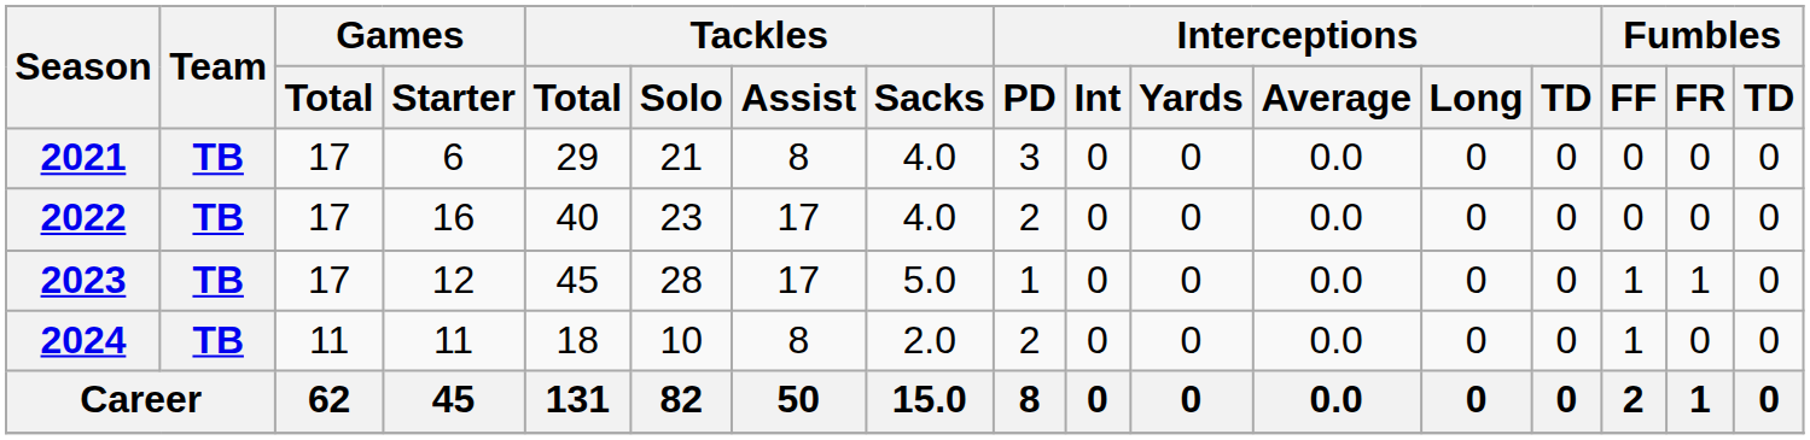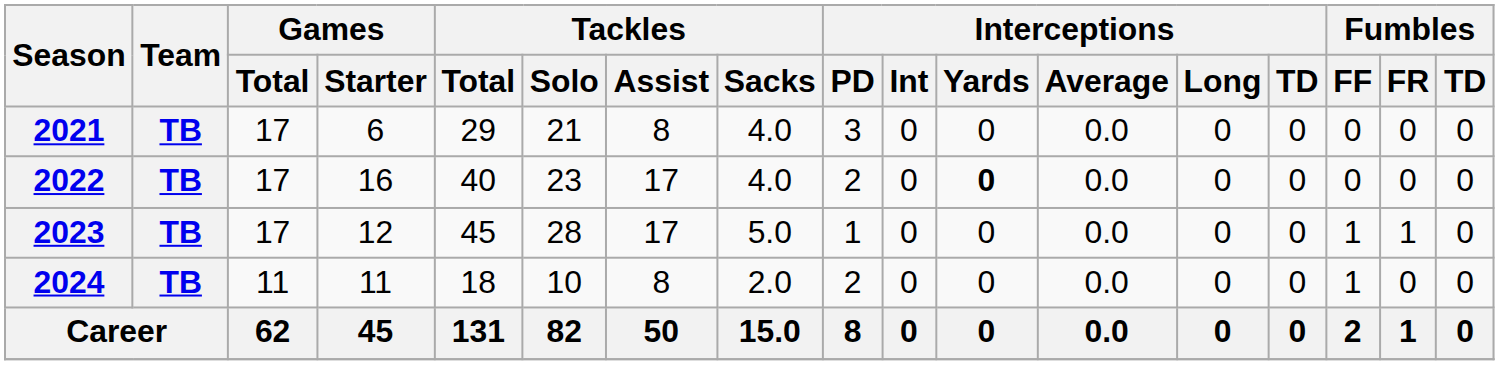 <table class="wikitable" style="text-align:center;">
 <tr>
 <th rowspan="2">Season</th>
 <th rowspan="2">Team</th>
 <th colspan="2">Games</th>
 <th colspan="4">Tackles</th>
 <th colspan="6">Interceptions</th>
 <th colspan="3">Fumbles</th>
 </tr>
 <tr>
 <th>Total</th>
 <th>Starter</th>
 <th>Total</th>
 <th>Solo</th>
 <th>Assist</th>
 <th>Sacks</th>
 <th>PD</th>
 <th>Int</th>
 <th>Yards</th>
 <th>Average</th>
 <th>Long</th>
 <th>TD</th>
 <th>FF</th>
 <th>FR</th>
 <th>TD</th>
 </tr>
 <tr>
 <th><a href='#'>2021</a></th>
 <th><a href='#'>TB</a></th>
 <td>17</td>
 <td>6</td>
 <td>29</td>
 <td>21</td>
 <td>8</td>
 <td>4.0</td>
 <td>3</td>
 <td>0</td>
 <td>0</td>
 <td>0.0</td>
 <td>0</td>
 <td>0</td>
 <td>0</td>
 <td>0</td>
 <td>0</td>
 </tr>
 <tr>
 <th><a href='#'>2022</a></th>
 <th><a href='#'>TB</a></th>
 <td>17</td>
 <td>16</td>
 <td>40</td>
 <td>23</td>
 <td>17</td>
 <td>4.0</td>
 <td>2</td>
 <td>0</td>
-<td>0</td>
+<td><strong>0</strong></td>
 <td>0.0</td>
 <td>0</td>
 <td>0</td>
 <td>0</td>
 <td>0</td>
 <td>0</td>
 </tr>
 <tr>
 <th><a href='#'>2023</a></th>
 <th><a href='#'>TB</a></th>
 <td>17</td>
 <td>12</td>
 <td>45</td>
 <td>28</td>
 <td>17</td>
 <td>5.0</td>
 <td>1</td>
 <td>0</td>
 <td>0</td>
 <td>0.0</td>
 <td>0</td>
 <td>0</td>
 <td>1</td>
 <td>1</td>
 <td>0</td>
 </tr>
 <tr>
 <th><a href='#'>2024</a></th>
 <th><a href='#'>TB</a></th>
 <td>11</td>
 <td>11</td>
 <td>18</td>
 <td>10</td>
 <td>8</td>
 <td>2.0</td>
 <td>2</td>
 <td>0</td>
 <td>0</td>
 <td>0.0</td>
 <td>0</td>
 <td>0</td>
 <td>1</td>
 <td>0</td>
 <td>0</td>
 </tr>
 <tr>
 <th colspan="2">Career</th>
 <th>62</th>
 <th>45</th>
 <th>131</th>
 <th>82</th>
 <th>50</th>
 <th>15.0</th>
 <th>8</th>
 <th>0</th>
 <th>0</th>
 <th>0.0</th>
 <th>0</th>
 <th>0</th>
 <th>2</th>
 <th>1</th>
 <th>0</th>
 </tr>
 <tr>
 </tr>
 </table>
